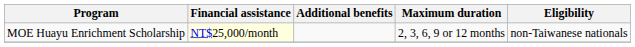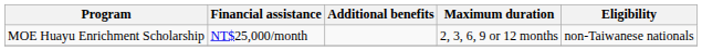 <table class=wikitable>
 <tr>
 <th>Program</th>
 <th>Financial assistance</th>
 <th>Additional benefits</th>
 <th>Maximum duration</th>
 <th>Eligibility</th>
 </tr>
 <tr>
 <td>MOE Huayu Enrichment Scholarship</td>
-<td style="background: lightyellow;"><a href='#'>NT$</a>25,000/month</td>
+<td><a href='#'>NT$</a>25,000/month</td>
 <td></td>
 <td>2, 3, 6, 9 or 12 months</td>
 <td>non-Taiwanese nationals</td>
 </tr>
 <tr>
 </tr>
 </table>
